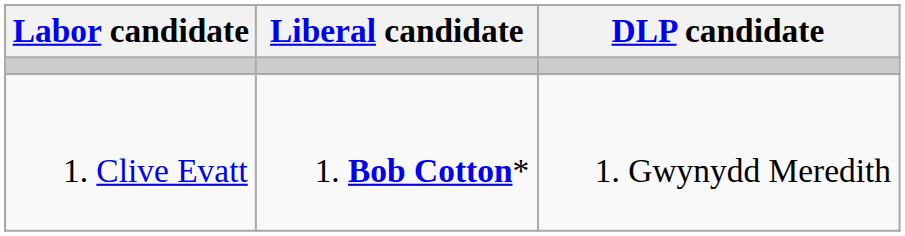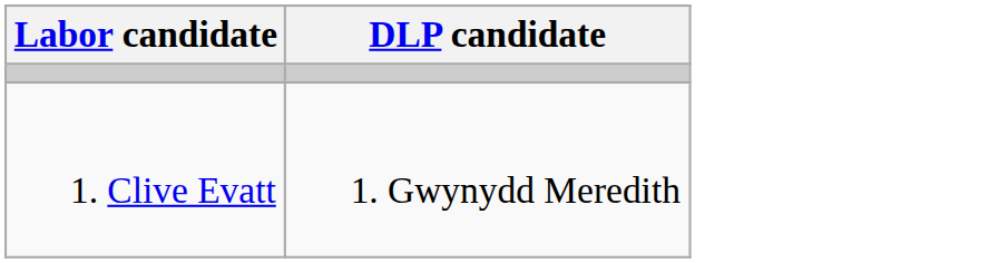 <table class="wikitable">
 <tr>
 <th><a href='#'>Labor</a> candidate</th>
-<th><a href='#'>Liberal</a> candidate</th>
 <th><a href='#'>DLP</a> candidate</th>
 </tr>
 <tr bgcolor="#cccccc">
 <td></td>
 <td></td>
-<td></td>
 </tr>
 <tr>
 <td valign=top><br><ol><li><a href='#'>Clive Evatt</a></li></ol></td>
-<td><br><ol><li><strong><a href='#'>Bob Cotton</a></strong>*</li></ol></td>
 <td valign=top><br><ol><li>Gwynydd Meredith</li></ol></td>
 </tr>
 </table>
